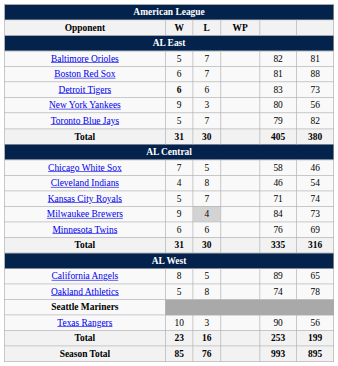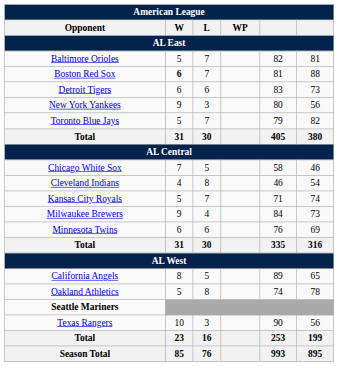 <table class="wikitable" style="font-size:95%; text-align:center; width:35em;margin: 0.5em auto;">
 <tr>
 <th colspan="7" style="background:#03224c; color:#ffffff;">American League</th>
 </tr>
 <tr>
 <th>Opponent</th>
 <th>W</th>
 <th>L</th>
 <th>WP</th>
 <th></th>
 <th></th>
 </tr>
 <tr>
 <th colspan="7" style="background:#03224c; color:#ffffff;">AL East</th>
 </tr>
 <tr>
 <td><a href='#'>Baltimore Orioles</a></td>
 <td>5</td>
 <td>7</td>
 <td></td>
 <td>82</td>
 <td>81</td>
 </tr>
 <tr>
 <td><a href='#'>Boston Red Sox</a></td>
-<td>6</td>
+<td><strong>6</strong></td>
 <td>7</td>
 <td></td>
 <td>81</td>
 <td>88</td>
 </tr>
 <tr>
 <td><a href='#'>Detroit Tigers</a></td>
-<td><strong>6</strong></td>
+<td>6</td>
 <td>6</td>
 <td></td>
 <td>83</td>
 <td>73</td>
 </tr>
 <tr>
 <td><a href='#'>New York Yankees</a></td>
 <td>9</td>
 <td>3</td>
 <td></td>
 <td>80</td>
 <td>56</td>
 </tr>
 <tr>
 <td><a href='#'>Toronto Blue Jays</a></td>
 <td>5</td>
 <td>7</td>
 <td></td>
 <td>79</td>
 <td>82</td>
 </tr>
 <tr>
 <th>Total</th>
 <th>31</th>
 <th>30</th>
 <th></th>
 <th>405</th>
 <th>380</th>
 </tr>
 <tr>
 <th colspan="7" style="background:#03224c; color:#ffffff;">AL Central</th>
 </tr>
 <tr>
 <td><a href='#'>Chicago White Sox</a></td>
 <td>7</td>
 <td>5</td>
 <td></td>
 <td>58</td>
 <td>46</td>
 </tr>
 <tr>
 <td><a href='#'>Cleveland Indians</a></td>
 <td>4</td>
 <td>8</td>
 <td></td>
 <td>46</td>
 <td>54</td>
 </tr>
 <tr>
 <td><a href='#'>Kansas City Royals</a></td>
 <td>5</td>
 <td>7</td>
 <td></td>
 <td>71</td>
 <td>74</td>
 </tr>
 <tr>
 <td><a href='#'>Milwaukee Brewers</a></td>
 <td>9</td>
-<td style="background: lightgrey;">4</td>
+<td>4</td>
 <td></td>
 <td>84</td>
 <td>73</td>
 </tr>
 <tr>
 <td><a href='#'>Minnesota Twins</a></td>
 <td>6</td>
 <td>6</td>
 <td></td>
 <td>76</td>
 <td>69</td>
 </tr>
 <tr>
 <th>Total</th>
 <th>31</th>
 <th>30</th>
 <th></th>
 <th>335</th>
 <th>316</th>
 </tr>
 <tr>
 <th colspan="7" style="background:#03224c; color:#ffffff;">AL West</th>
 </tr>
 <tr>
 <td><a href='#'>California Angels</a></td>
 <td>8</td>
 <td>5</td>
 <td></td>
 <td>89</td>
 <td>65</td>
 </tr>
 <tr>
 <td><a href='#'>Oakland Athletics</a></td>
 <td>5</td>
 <td>8</td>
 <td></td>
 <td>74</td>
 <td>78</td>
 </tr>
 <tr>
 <td><strong>Seattle Mariners</strong></td>
 <td colspan=5 style="background:darkgray;"></td>
 </tr>
 <tr>
 <td><a href='#'>Texas Rangers</a></td>
 <td>10</td>
 <td>3</td>
 <td></td>
 <td>90</td>
 <td>56</td>
 </tr>
 <tr>
 <th>Total</th>
 <th>23</th>
 <th>16</th>
 <th></th>
 <th>253</th>
 <th>199</th>
 </tr>
 <tr>
 <th>Season Total</th>
 <th>85</th>
 <th>76</th>
 <th></th>
 <th>993</th>
 <th>895</th>
 </tr>
 </table>
